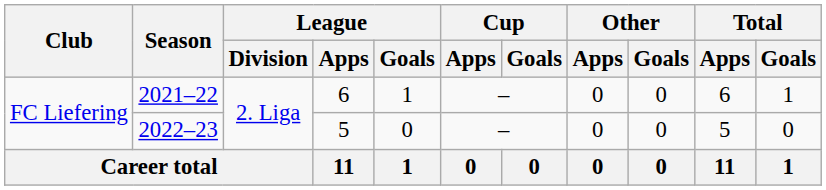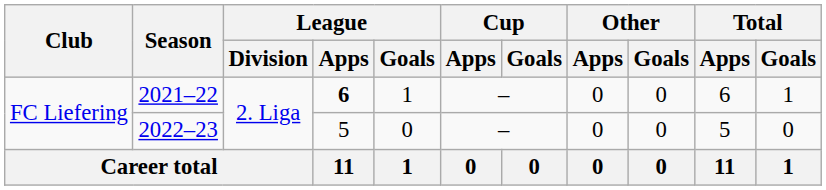 <table class="wikitable" style="text-align: center">
 <tr>
 <th rowspan="2">Club</th>
 <th rowspan="2">Season</th>
 <th colspan="3">League</th>
 <th colspan="2">Cup</th>
 <th colspan="2">Other</th>
 <th colspan="2">Total</th>
 </tr>
 <tr>
 <th>Division</th>
 <th>Apps</th>
 <th>Goals</th>
 <th>Apps</th>
 <th>Goals</th>
 <th>Apps</th>
 <th>Goals</th>
 <th>Apps</th>
 <th>Goals</th>
 </tr>
 <tr>
 <td rowspan="2"><a href='#'>FC Liefering</a></td>
 <td><a href='#'>2021–22</a></td>
 <td rowspan="2"><a href='#'>2. Liga</a></td>
-<td>6</td>
+<td><strong>6</strong></td>
 <td>1</td>
 <td colspan="2">–</td>
 <td>0</td>
 <td>0</td>
 <td>6</td>
 <td>1</td>
 </tr>
 <tr>
 <td><a href='#'>2022–23</a></td>
 <td>5</td>
 <td>0</td>
 <td colspan="2">–</td>
 <td>0</td>
 <td>0</td>
 <td>5</td>
 <td>0</td>
 </tr>
 <tr>
 <th colspan=3>Career total</th>
 <th>11</th>
 <th>1</th>
 <th>0</th>
 <th>0</th>
 <th>0</th>
 <th>0</th>
 <th>11</th>
 <th>1</th>
 </tr>
 </table>
